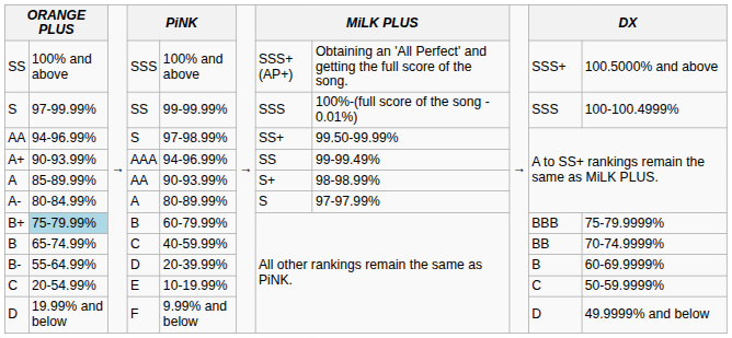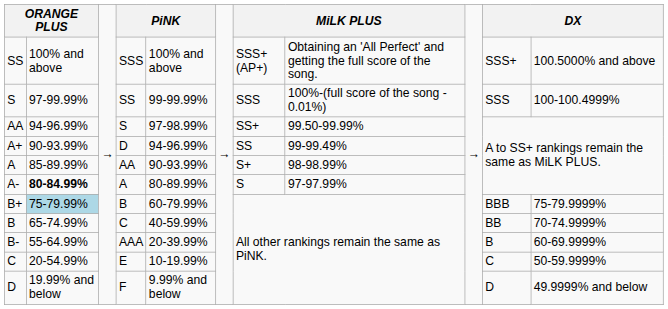 <table class="wikitable news_table">
 <tr>
 <th colspan="2"><em>ORANGE PLUS</em></th>
 <td rowspan="12">→</td>
 <th colspan="2"><em>PiNK</em></th>
 <td rowspan="12">→</td>
 <th colspan="2"><em>MiLK PLUS</em></th>
 <td rowspan="12">→</td>
 <th colspan="2"><em>DX</em></th>
 </tr>
 <tr>
 <td>SS</td>
 <td>100% and above</td>
 <td>SSS</td>
 <td>100% and above</td>
 <td>SSS+ (AP+)</td>
 <td>Obtaining an 'All Perfect' and getting the full score of the song.</td>
 <td>SSS+</td>
 <td>100.5000% and above</td>
 </tr>
 <tr>
 <td>S</td>
 <td>97-99.99%</td>
 <td>SS</td>
 <td>99-99.99%</td>
 <td>SSS</td>
 <td>100%-(full score of the song - 0.01%)</td>
 <td>SSS</td>
 <td>100-100.4999%</td>
 </tr>
 <tr>
 <td>AA</td>
 <td>94-96.99%</td>
 <td>S</td>
 <td>97-98.99%</td>
 <td>SS+</td>
 <td>99.50-99.99%</td>
 <td colspan="2" rowspan="4">A to SS+ rankings remain the same as MiLK PLUS.</td>
 </tr>
 <tr>
 <td>A+</td>
 <td>90-93.99%</td>
-<td>AAA</td>
+<td>D</td>
 <td>94-96.99%</td>
 <td>SS</td>
 <td>99-99.49%</td>
 </tr>
 <tr>
 <td>A</td>
 <td>85-89.99%</td>
 <td>AA</td>
 <td>90-93.99%</td>
 <td>S+</td>
 <td>98-98.99%</td>
 </tr>
 <tr>
 <td>A-</td>
-<td>80-84.99%</td>
+<td><strong>80-84.99%</strong></td>
 <td>A</td>
 <td>80-89.99%</td>
 <td>S</td>
 <td>97-97.99%</td>
 </tr>
 <tr>
 <td>B+</td>
 <td style="background: lightblue;">75-79.99%</td>
 <td>B</td>
 <td>60-79.99%</td>
 <td colspan="2" rowspan="5">All other rankings remain the same as PiNK.</td>
 <td>BBB</td>
 <td>75-79.9999%</td>
 </tr>
 <tr>
 <td>B</td>
 <td>65-74.99%</td>
 <td>C</td>
 <td>40-59.99%</td>
 <td>BB</td>
 <td>70-74.9999%</td>
 </tr>
 <tr>
 <td>B-</td>
 <td>55-64.99%</td>
-<td>D</td>
+<td>AAA</td>
 <td>20-39.99%</td>
 <td>B</td>
 <td>60-69.9999%</td>
 </tr>
 <tr>
 <td>C</td>
 <td>20-54.99%</td>
 <td>E</td>
 <td>10-19.99%</td>
 <td>C</td>
 <td>50-59.9999%</td>
 </tr>
 <tr>
 <td>D</td>
 <td>19.99% and below</td>
 <td>F</td>
 <td>9.99% and below</td>
 <td>D</td>
 <td>49.9999% and below</td>
 </tr>
 </table>
